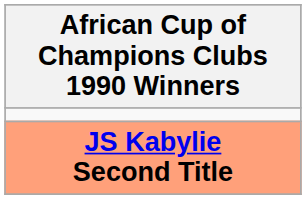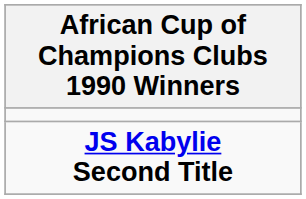 <table class="wikitable" style="text-align: center; margin: 0 auto; width: 20%">
 <tr>
 <th>African Cup of Champions Clubs<br>1990 Winners</th>
 </tr>
 <tr>
 <td></td>
 </tr>
 <tr>
-<td style="background: lightsalmon;"><strong><a href='#'>JS Kabylie</a></strong><br><strong>Second Title</strong></td>
+<td><strong><a href='#'>JS Kabylie</a></strong><br><strong>Second Title</strong></td>
 </tr>
 </table>
